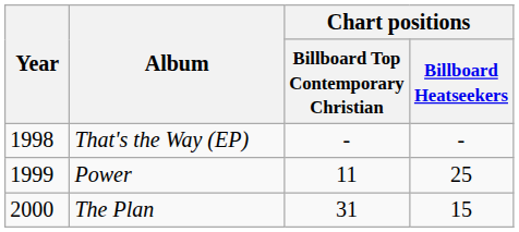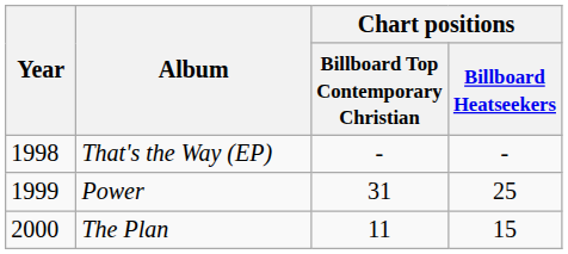 <table class="wikitable">
 <tr>
 <th style="width:40px;" rowspan="2">Year</th>
 <th style="width:150px;" rowspan="2">Album</th>
 <th colspan="2">Chart positions</th>
 </tr>
 <tr style="background:#ddd;">
 <th style="width:40px; text-align:center;"><small>Billboard Top Contemporary Christian</small></th>
 <th style="width:40px; text-align:center;"><small><a href='#'>Billboard Heatseekers</a></small></th>
 </tr>
 <tr style="vertical-align:top;">
 <td style="text-align:left; ">1998</td>
 <td style="text-align:left; "><em>That's the Way (EP)</em></td>
 <td style="text-align:center; ">-</td>
 <td style="text-align:center; ">-</td>
 </tr>
 <tr style="vertical-align:top;">
 <td style="text-align:left; ">1999</td>
 <td style="text-align:left; "><em>Power</em></td>
-<td style="text-align:center; ">11</td>
+<td style="text-align:center; ">31</td>
 <td style="text-align:center; ">25</td>
 </tr>
 <tr style="vertical-align:top;">
 <td style="text-align:left; ">2000</td>
 <td style="text-align:left; "><em>The Plan</em></td>
-<td style="text-align:center; ">31</td>
+<td style="text-align:center; ">11</td>
 <td style="text-align:center; ">15</td>
 </tr>
 </table>
